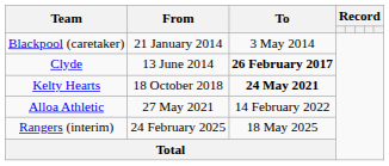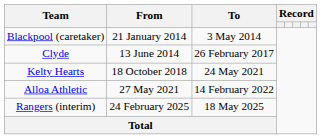 <table class=wikitable style="text-align: center">
 <tr>
 <th rowspan=2>Team</th>
 <th rowspan=2>From</th>
 <th rowspan=2>To</th>
 <th colspan=5>Record</th>
 </tr>
 <tr>
 <th></th>
 <th></th>
 <th></th>
 <th></th>
 <th></th>
 </tr>
 <tr>
 <td align=centre><a href='#'>Blackpool</a> (caretaker)</td>
 <td align=centre>21 January 2014</td>
 <td align=centre>3 May 2014<br></td>
 </tr>
 <tr>
 <td align=centre><a href='#'>Clyde</a></td>
 <td align=centre>13 June 2014</td>
-<td align=centre><strong>26 February 2017<br></strong></td>
+<td align=centre>26 February 2017<br></td>
 </tr>
 <tr>
 <td align=centre><a href='#'>Kelty Hearts</a></td>
 <td align=centre>18 October 2018</td>
-<td align=centre><strong>24 May 2021<br></strong></td>
+<td align=centre>24 May 2021<br></td>
 </tr>
 <tr>
 <td align=centre><a href='#'>Alloa Athletic</a></td>
 <td align=centre>27 May 2021</td>
 <td align=centre>14 February 2022<br></td>
 </tr>
 <tr>
 <td align=centre><a href='#'>Rangers</a> (interim)</td>
 <td align=centre>24 February 2025</td>
 <td align=centre>18 May 2025<br></td>
 </tr>
 <tr>
 <th colspan=3>Total<br></th>
 </tr>
 </table>
